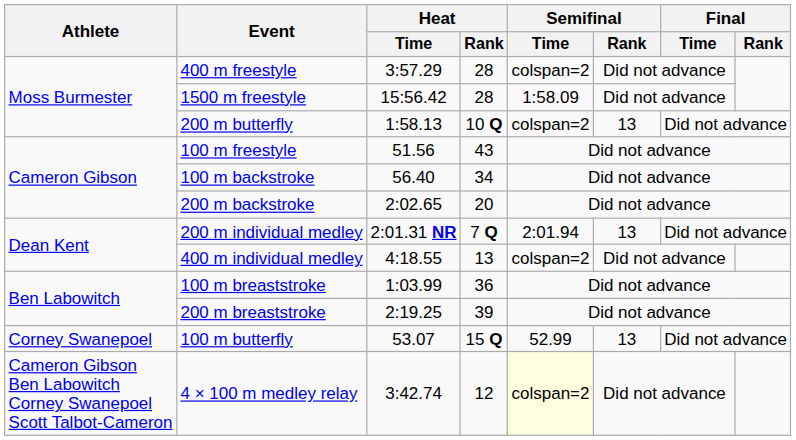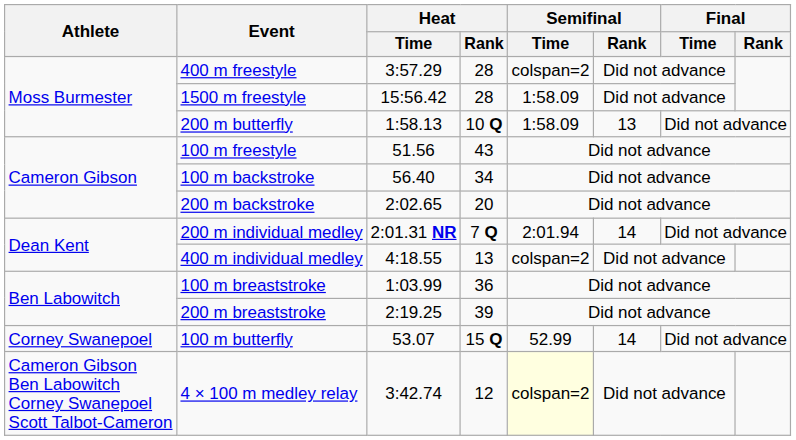 <table class=wikitable style="font-size:90%">
 <tr>
 <th rowspan="2">Athlete</th>
 <th rowspan="2">Event</th>
 <th colspan="2">Heat</th>
 <th colspan="2">Semifinal</th>
 <th colspan="2">Final</th>
 </tr>
 <tr style="font-size:95%">
 <th>Time</th>
 <th>Rank</th>
 <th>Time</th>
 <th>Rank</th>
 <th>Time</th>
 <th>Rank</th>
 </tr>
 <tr align=center>
 <td align=left rowspan=3><a href='#'>Moss Burmester</a></td>
 <td align=left><a href='#'>400 m freestyle</a></td>
 <td>3:57.29</td>
 <td>28</td>
 <td>colspan=2 </td>
 <td colspan=2>Did not advance</td>
 </tr>
 <tr align=center>
 <td align=left><a href='#'>1500 m freestyle</a></td>
 <td>15:56.42</td>
 <td>28</td>
 <td>1:58.09</td>
 <td colspan=2>Did not advance</td>
 </tr>
 <tr align=center>
 <td align=left><a href='#'>200 m butterfly</a></td>
 <td>1:58.13</td>
 <td>10 <strong>Q</strong></td>
-<td>colspan=2 </td>
+<td>1:58.09</td>
 <td>13</td>
 <td colspan=2>Did not advance</td>
 </tr>
 <tr align=center>
 <td align=left rowspan=3><a href='#'>Cameron Gibson</a></td>
 <td align=left><a href='#'>100 m freestyle</a></td>
 <td>51.56</td>
 <td>43</td>
 <td colspan=4>Did not advance</td>
 </tr>
 <tr align=center>
 <td align=left><a href='#'>100 m backstroke</a></td>
 <td>56.40</td>
 <td>34</td>
 <td colspan=4>Did not advance</td>
 </tr>
 <tr align=center>
 <td align=left><a href='#'>200 m backstroke</a></td>
 <td>2:02.65</td>
 <td>20</td>
 <td colspan=4>Did not advance</td>
 </tr>
 <tr align=center>
 <td align=left rowspan=2><a href='#'>Dean Kent</a></td>
 <td align=left><a href='#'>200 m individual medley</a></td>
 <td>2:01.31 <strong><a href='#'>NR</a></strong></td>
 <td>7 <strong>Q</strong></td>
 <td>2:01.94</td>
-<td>13</td>
+<td>14</td>
 <td colspan=2>Did not advance</td>
 </tr>
 <tr align=center>
 <td align=left><a href='#'>400 m individual medley</a></td>
 <td>4:18.55</td>
 <td>13</td>
 <td>colspan=2 </td>
 <td colspan=2>Did not advance</td>
 </tr>
 <tr align=center>
 <td align=left rowspan=2><a href='#'>Ben Labowitch</a></td>
 <td align=left><a href='#'>100 m breaststroke</a></td>
 <td>1:03.99</td>
 <td>36</td>
 <td colspan=4>Did not advance</td>
 </tr>
 <tr align=center>
 <td align=left><a href='#'>200 m breaststroke</a></td>
 <td>2:19.25</td>
 <td>39</td>
 <td colspan=4>Did not advance</td>
 </tr>
 <tr align=center>
 <td align=left><a href='#'>Corney Swanepoel</a></td>
 <td align=left><a href='#'>100 m butterfly</a></td>
 <td>53.07</td>
 <td>15 <strong>Q</strong></td>
 <td>52.99</td>
-<td>13</td>
+<td>14</td>
 <td colspan=2>Did not advance</td>
 </tr>
 <tr align=center>
 <td align=left><a href='#'>Cameron Gibson</a><br><a href='#'>Ben Labowitch</a><br><a href='#'>Corney Swanepoel</a><br><a href='#'>Scott Talbot-Cameron</a></td>
 <td align=left><a href='#'>4 × 100 m medley relay</a></td>
 <td>3:42.74</td>
 <td>12</td>
 <td style="background: lightyellow;">colspan=2 </td>
 <td colspan=2>Did not advance</td>
 </tr>
 </table>
